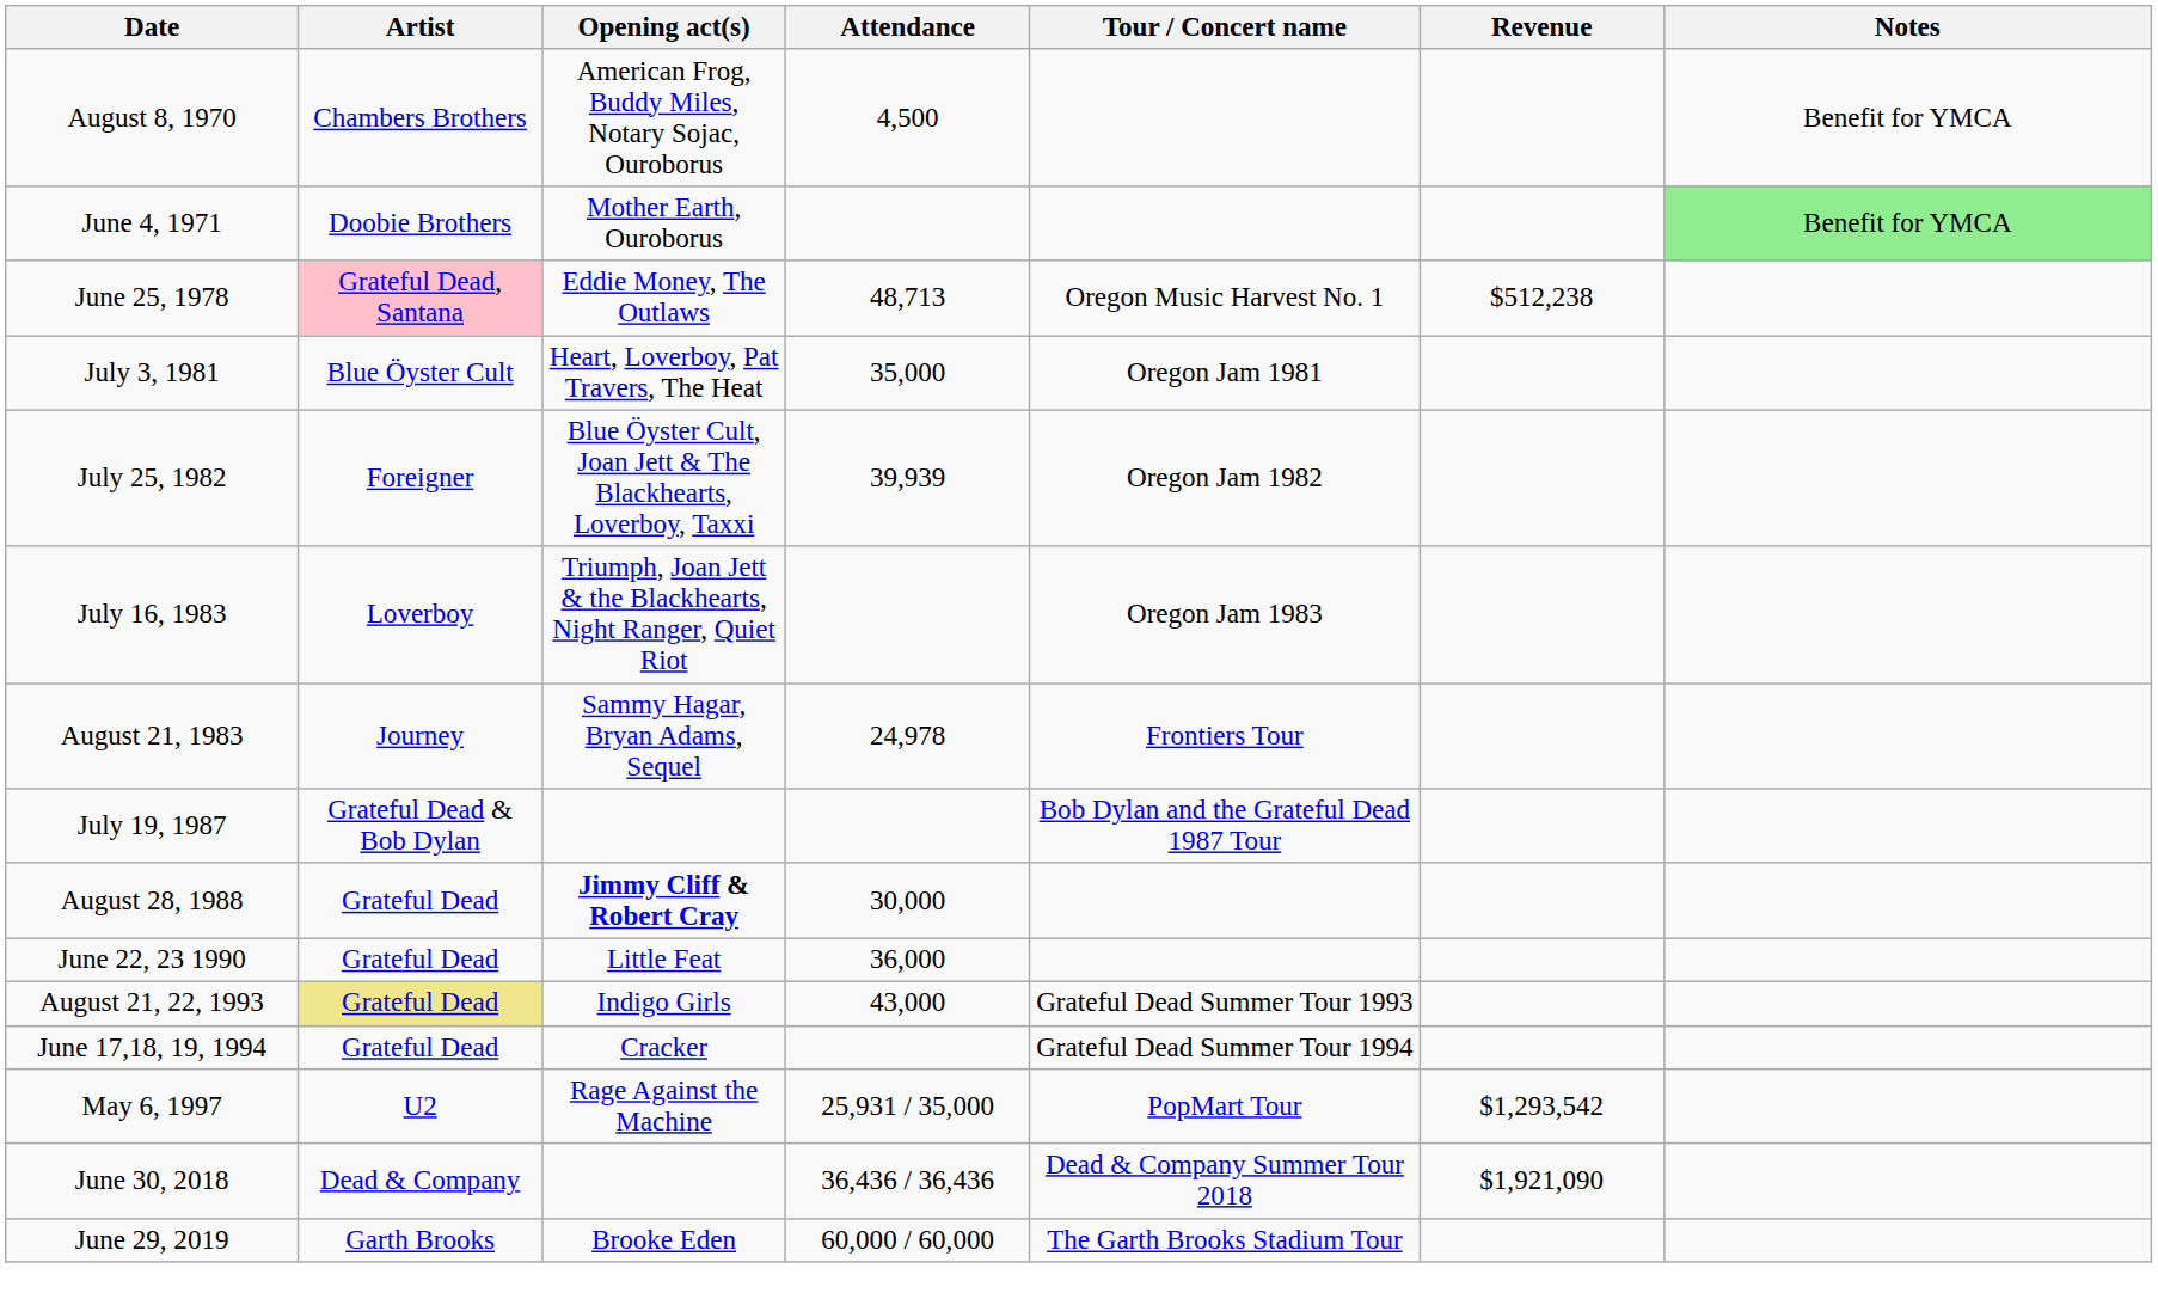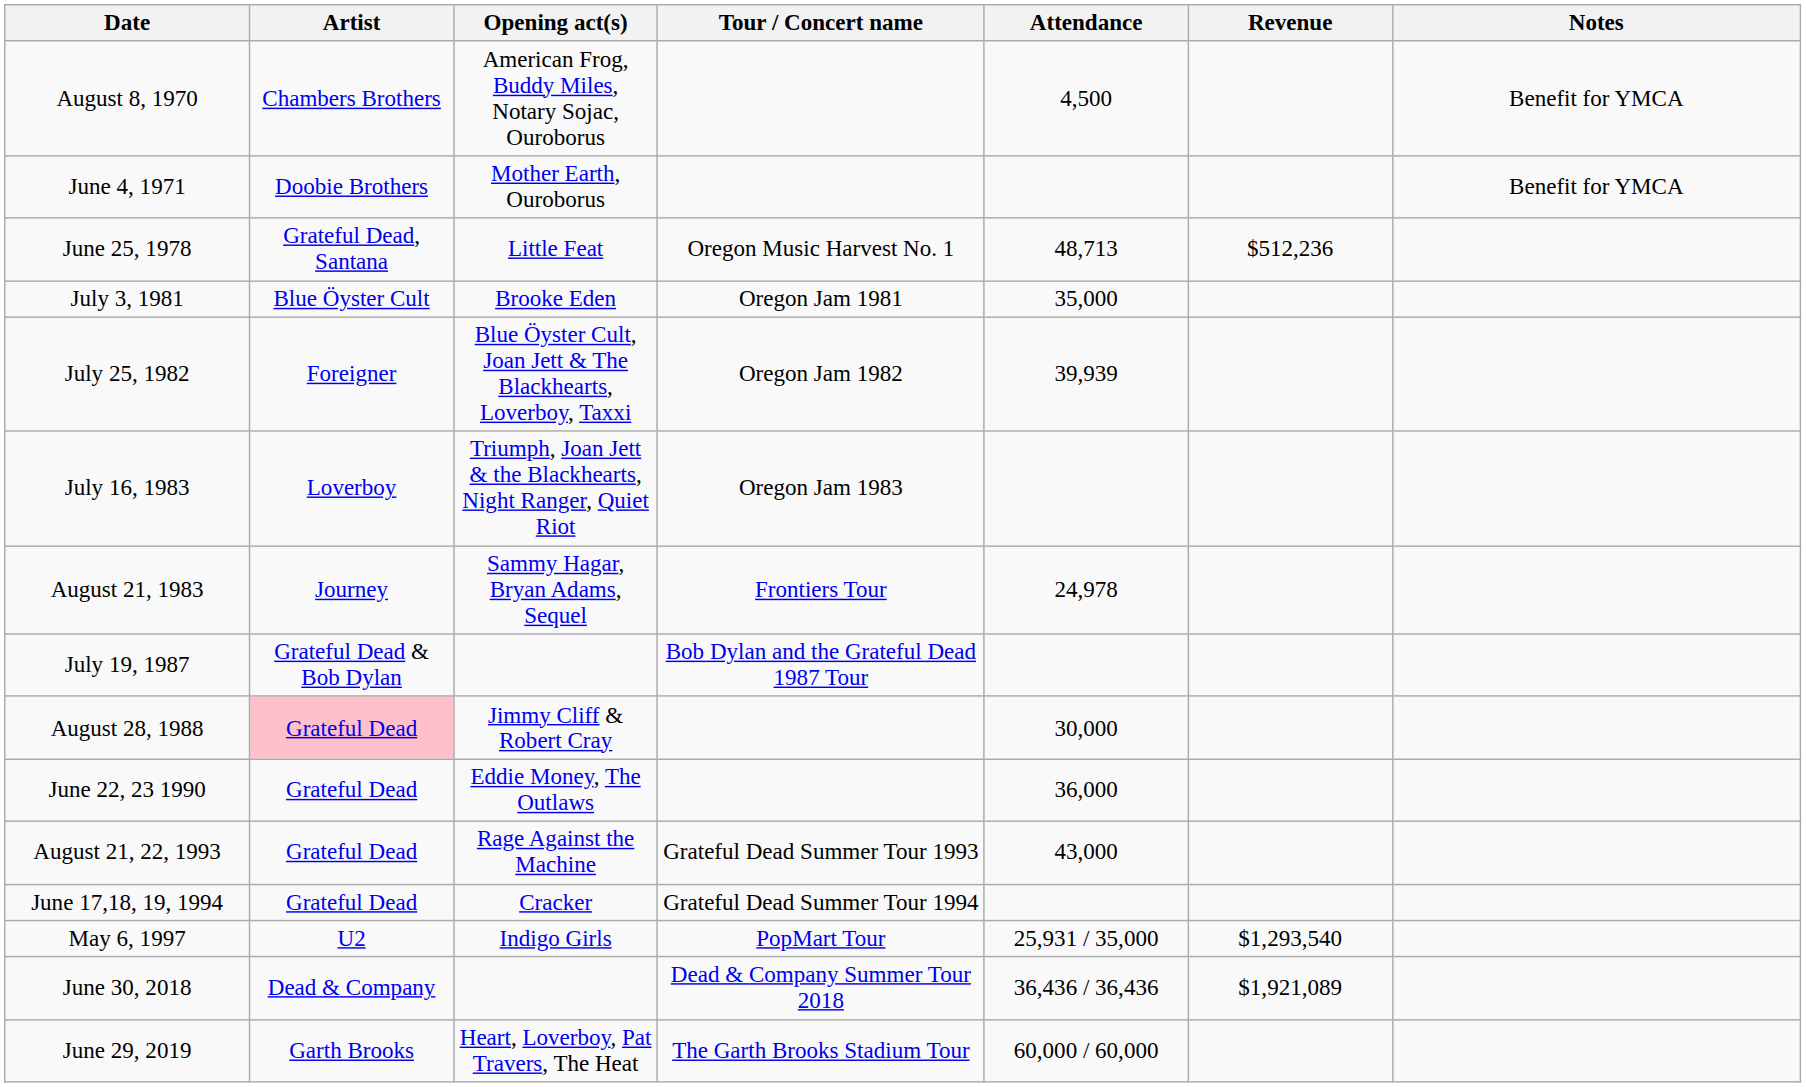 <table class="wikitable" style="text-align:center;">
 <tr>
 <th width=12%>Date</th>
 <th width=10%>Artist</th>
 <th width=10%>Opening act(s)</th>
+<th width=16%>Tour / Concert name</th>
 <th width=10%>Attendance</th>
-<th width=16%>Tour / Concert name</th>
 <th width=10%>Revenue</th>
 <th width=20%>Notes</th>
 </tr>
 <tr>
 <td>August 8, 1970</td>
 <td><a href='#'>Chambers Brothers</a></td>
 <td>American Frog, <a href='#'>Buddy Miles</a>, Notary Sojac, Ouroborus</td>
+<td></td>
 <td>4,500</td>
-<td></td>
 <td></td>
 <td>Benefit for YMCA</td>
 </tr>
 <tr>
 <td>June 4, 1971</td>
 <td><a href='#'>Doobie Brothers</a></td>
 <td><a href='#'>Mother Earth</a>, Ouroborus</td>
 <td></td>
 <td></td>
 <td></td>
-<td style="background: lightgreen;">Benefit for YMCA</td>
+<td>Benefit for YMCA</td>
 </tr>
 <tr>
 <td>June 25, 1978</td>
-<td style="background: pink;"><a href='#'>Grateful Dead</a>, <a href='#'>Santana</a></td>
-<td><a href='#'>Eddie Money</a>, <a href='#'>The Outlaws</a></td>
+<td><a href='#'>Grateful Dead</a>, <a href='#'>Santana</a></td>
+<td><a href='#'>Little Feat</a></td>
+<td>Oregon Music Harvest No. 1</td>
 <td>48,713</td>
-<td>Oregon Music Harvest No. 1</td>
-<td>$512,238</td>
+<td>$512,236</td>
 <td></td>
 </tr>
 <tr>
 <td>July 3, 1981</td>
 <td><a href='#'>Blue Öyster Cult</a></td>
-<td><a href='#'>Heart</a>, <a href='#'>Loverboy</a>, <a href='#'>Pat Travers</a>, The Heat</td>
+<td><a href='#'>Brooke Eden</a></td>
+<td>Oregon Jam 1981</td>
 <td>35,000</td>
-<td>Oregon Jam 1981</td>
 <td></td>
 <td></td>
 </tr>
 <tr>
 <td>July 25, 1982</td>
 <td><a href='#'>Foreigner</a></td>
 <td><a href='#'>Blue Öyster Cult</a>, <a href='#'>Joan Jett & The Blackhearts</a>, <a href='#'>Loverboy</a>, <a href='#'>Taxxi</a></td>
+<td>Oregon Jam 1982</td>
 <td>39,939</td>
-<td>Oregon Jam 1982</td>
 <td></td>
 <td></td>
 </tr>
 <tr>
 <td>July 16, 1983</td>
 <td><a href='#'>Loverboy</a></td>
 <td><a href='#'>Triumph</a>, <a href='#'>Joan Jett & the Blackhearts</a>, <a href='#'>Night Ranger</a>, <a href='#'>Quiet Riot</a></td>
+<td>Oregon Jam 1983</td>
 <td></td>
-<td>Oregon Jam 1983</td>
 <td></td>
 <td></td>
 </tr>
 <tr>
 <td>August 21, 1983</td>
 <td><a href='#'>Journey</a></td>
 <td><a href='#'>Sammy Hagar</a>, <a href='#'>Bryan Adams</a>, <a href='#'>Sequel</a></td>
+<td><a href='#'>Frontiers Tour</a></td>
 <td>24,978</td>
-<td><a href='#'>Frontiers Tour</a></td>
 <td></td>
 <td></td>
 </tr>
 <tr>
 <td>July 19, 1987</td>
 <td><a href='#'>Grateful Dead</a> & <a href='#'>Bob Dylan</a></td>
 <td></td>
+<td><a href='#'>Bob Dylan and the Grateful Dead 1987 Tour</a></td>
 <td></td>
-<td><a href='#'>Bob Dylan and the Grateful Dead 1987 Tour</a></td>
 <td></td>
 <td></td>
 </tr>
 <tr>
 <td>August 28, 1988</td>
-<td><a href='#'>Grateful Dead</a></td>
-<td><strong><a href='#'>Jimmy Cliff</a> & <a href='#'>Robert Cray</a></strong></td>
+<td style="background: pink;"><a href='#'>Grateful Dead</a></td>
+<td><a href='#'>Jimmy Cliff</a> & <a href='#'>Robert Cray</a></td>
+<td></td>
 <td>30,000</td>
-<td></td>
 <td></td>
 <td></td>
 </tr>
 <tr>
 <td>June 22, 23 1990</td>
 <td><a href='#'>Grateful Dead</a></td>
-<td><a href='#'>Little Feat</a></td>
+<td><a href='#'>Eddie Money</a>, <a href='#'>The Outlaws</a></td>
+<td></td>
 <td>36,000</td>
-<td></td>
 <td></td>
 <td></td>
 </tr>
 <tr>
 <td>August 21, 22, 1993</td>
-<td style="background: khaki;"><a href='#'>Grateful Dead</a></td>
-<td><a href='#'>Indigo Girls</a></td>
+<td><a href='#'>Grateful Dead</a></td>
+<td><a href='#'>Rage Against the Machine</a></td>
+<td>Grateful Dead Summer Tour 1993</td>
 <td>43,000</td>
-<td>Grateful Dead Summer Tour 1993</td>
 <td></td>
 <td></td>
 </tr>
 <tr>
 <td>June 17,18, 19, 1994</td>
 <td><a href='#'>Grateful Dead</a></td>
 <td><a href='#'>Cracker</a></td>
+<td>Grateful Dead Summer Tour 1994</td>
 <td></td>
-<td>Grateful Dead Summer Tour 1994</td>
 <td></td>
 <td></td>
 </tr>
 <tr>
 <td>May 6, 1997</td>
 <td><a href='#'>U2</a></td>
-<td><a href='#'>Rage Against the Machine</a></td>
+<td><a href='#'>Indigo Girls</a></td>
+<td><a href='#'>PopMart Tour</a></td>
 <td>25,931 / 35,000</td>
-<td><a href='#'>PopMart Tour</a></td>
-<td>$1,293,542</td>
+<td>$1,293,540</td>
 <td></td>
 </tr>
 <tr>
 <td>June 30, 2018</td>
 <td><a href='#'>Dead & Company</a></td>
 <td></td>
+<td><a href='#'>Dead & Company Summer Tour 2018</a></td>
 <td>36,436 / 36,436</td>
-<td><a href='#'>Dead & Company Summer Tour 2018</a></td>
-<td>$1,921,090</td>
+<td>$1,921,089</td>
 <td></td>
 </tr>
 <tr>
 <td>June 29, 2019</td>
 <td><a href='#'>Garth Brooks</a></td>
-<td><a href='#'>Brooke Eden</a></td>
+<td><a href='#'>Heart</a>, <a href='#'>Loverboy</a>, <a href='#'>Pat Travers</a>, The Heat</td>
+<td><a href='#'>The Garth Brooks Stadium Tour</a></td>
 <td>60,000 / 60,000</td>
-<td><a href='#'>The Garth Brooks Stadium Tour</a></td>
 <td></td>
 <td></td>
 </tr>
 </table>
